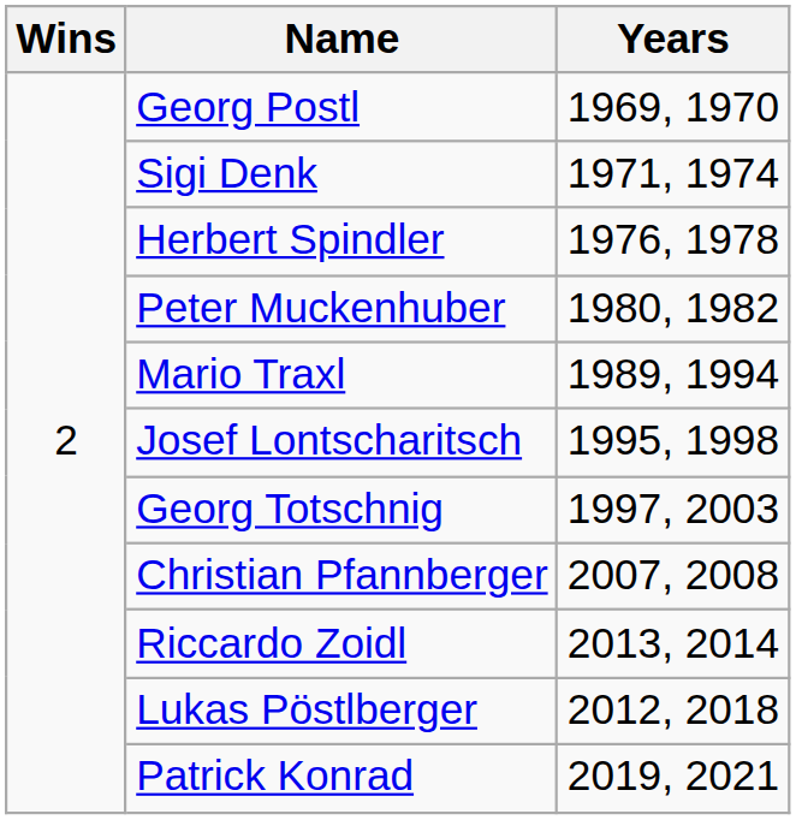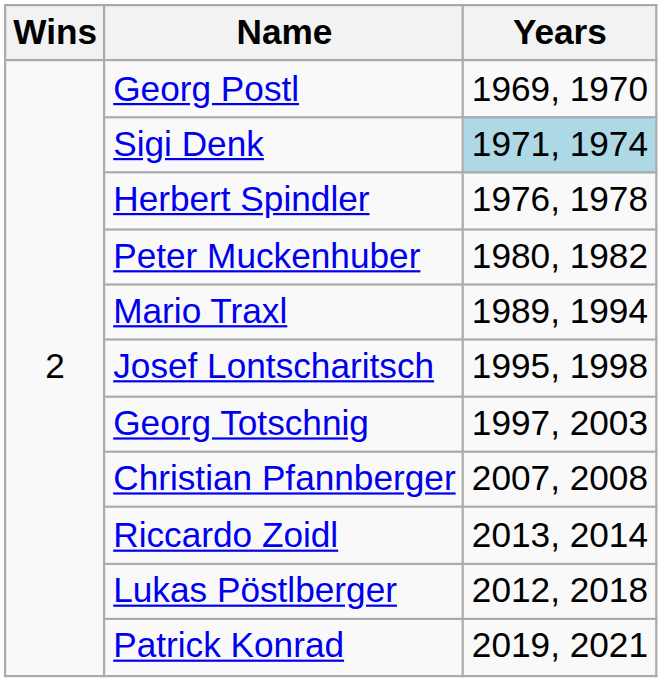 <table class="wikitable">
 <tr>
 <th>Wins</th>
 <th>Name</th>
 <th>Years</th>
 </tr>
 <tr>
 <td align=center rowspan=11>2</td>
 <td><a href='#'>Georg Postl</a></td>
 <td align=left>1969, 1970</td>
 </tr>
 <tr>
 <td><a href='#'>Sigi Denk</a></td>
-<td align=left>1971, 1974</td>
+<td align=left style="background: lightblue;">1971, 1974</td>
 </tr>
 <tr>
 <td><a href='#'>Herbert Spindler</a></td>
 <td align=left>1976, 1978</td>
 </tr>
 <tr>
 <td><a href='#'>Peter Muckenhuber</a></td>
 <td align=left>1980, 1982</td>
 </tr>
 <tr>
 <td><a href='#'>Mario Traxl</a></td>
 <td align=left>1989, 1994</td>
 </tr>
 <tr>
 <td><a href='#'>Josef Lontscharitsch</a></td>
 <td align=left>1995, 1998</td>
 </tr>
 <tr>
 <td><a href='#'>Georg Totschnig</a></td>
 <td align=left>1997, 2003</td>
 </tr>
 <tr>
 <td><a href='#'>Christian Pfannberger</a></td>
 <td align=left>2007, 2008</td>
 </tr>
 <tr>
 <td><a href='#'>Riccardo Zoidl</a></td>
 <td align=left>2013, 2014</td>
 </tr>
 <tr>
 <td><a href='#'>Lukas Pöstlberger</a></td>
 <td align=left>2012, 2018</td>
 </tr>
 <tr>
 <td><a href='#'>Patrick Konrad</a></td>
 <td align=left>2019, 2021</td>
 </tr>
 </table>
